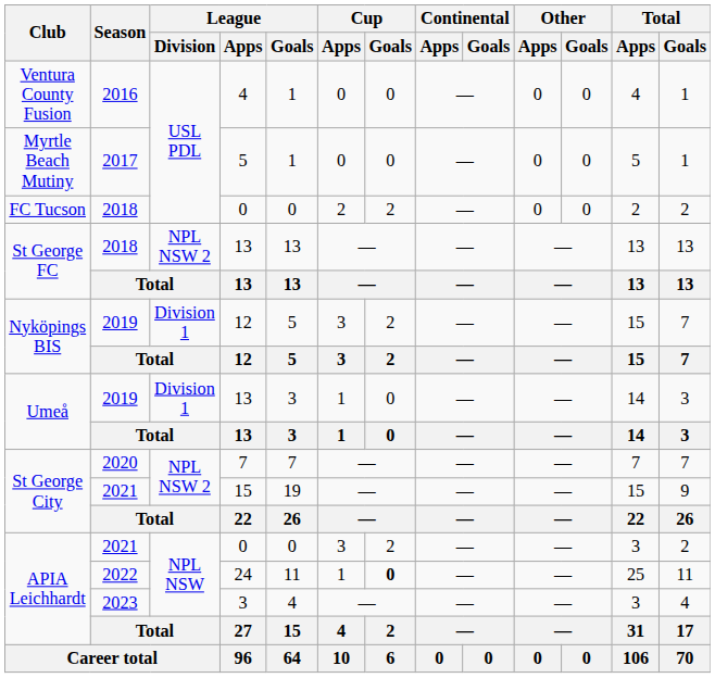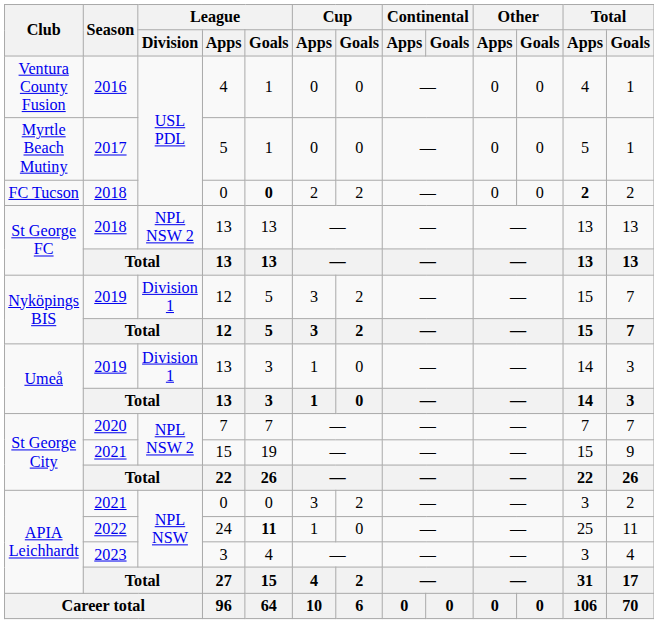 <table class=wikitable style=text-align:center>
 <tr>
 <th rowspan=2>Club</th>
 <th rowspan=2>Season</th>
 <th colspan=3>League</th>
 <th colspan=2>Cup</th>
 <th colspan=2>Continental</th>
 <th colspan=2>Other</th>
 <th colspan=2>Total</th>
 </tr>
 <tr>
 <th>Division</th>
 <th>Apps</th>
 <th>Goals</th>
 <th>Apps</th>
 <th>Goals</th>
 <th>Apps</th>
 <th>Goals</th>
 <th>Apps</th>
 <th>Goals</th>
 <th>Apps</th>
 <th>Goals</th>
 </tr>
 <tr>
 <td><a href='#'>Ventura County Fusion</a></td>
 <td><a href='#'>2016</a></td>
 <td rowspan=3><a href='#'>USL PDL</a></td>
 <td>4</td>
 <td>1</td>
 <td>0</td>
 <td>0</td>
 <td colspan=2>—</td>
 <td>0</td>
 <td>0</td>
 <td>4</td>
 <td>1</td>
 </tr>
 <tr>
 <td><a href='#'>Myrtle Beach Mutiny</a></td>
 <td><a href='#'>2017</a></td>
 <td>5</td>
 <td>1</td>
 <td>0</td>
 <td>0</td>
 <td colspan=2>—</td>
 <td>0</td>
 <td>0</td>
 <td>5</td>
 <td>1</td>
 </tr>
 <tr>
 <td><a href='#'>FC Tucson</a></td>
 <td><a href='#'>2018</a></td>
 <td>0</td>
-<td>0</td>
+<td><strong>0</strong></td>
 <td>2</td>
 <td>2</td>
 <td colspan=2>—</td>
 <td>0</td>
 <td>0</td>
-<td>2</td>
+<td><strong>2</strong></td>
 <td>2</td>
 </tr>
 <tr>
 <td rowspan=2><a href='#'>St George FC</a></td>
 <td><a href='#'>2018</a></td>
 <td><a href='#'>NPL NSW 2</a></td>
 <td>13</td>
 <td>13</td>
 <td colspan=2>—</td>
 <td colspan=2>—</td>
 <td colspan=2>—</td>
 <td>13</td>
 <td>13</td>
 </tr>
 <tr>
 <th colspan=2>Total</th>
 <th>13</th>
 <th>13</th>
 <th colspan=2>—</th>
 <th colspan=2>—</th>
 <th colspan=2>—</th>
 <th>13</th>
 <th>13</th>
 </tr>
 <tr>
 <td rowspan=2><a href='#'>Nyköpings BIS</a></td>
 <td><a href='#'>2019</a></td>
 <td><a href='#'>Division 1</a></td>
 <td>12</td>
 <td>5</td>
 <td>3</td>
 <td>2</td>
 <td colspan=2>—</td>
 <td colspan=2>—</td>
 <td>15</td>
 <td>7</td>
 </tr>
 <tr>
 <th colspan=2>Total</th>
 <th>12</th>
 <th>5</th>
 <th>3</th>
 <th>2</th>
 <th colspan=2>—</th>
 <th colspan=2>—</th>
 <th>15</th>
 <th>7</th>
 </tr>
 <tr>
 <td rowspan=2><a href='#'>Umeå</a></td>
 <td><a href='#'>2019</a></td>
 <td><a href='#'>Division 1</a></td>
 <td>13</td>
 <td>3</td>
 <td>1</td>
 <td>0</td>
 <td colspan=2>—</td>
 <td colspan=2>—</td>
 <td>14</td>
 <td>3</td>
 </tr>
 <tr>
 <th colspan=2>Total</th>
 <th>13</th>
 <th>3</th>
 <th>1</th>
 <th>0</th>
 <th colspan=2>—</th>
 <th colspan=2>—</th>
 <th>14</th>
 <th>3</th>
 </tr>
 <tr>
 <td rowspan=3><a href='#'>St George City</a></td>
 <td><a href='#'>2020</a></td>
 <td rowspan=2><a href='#'>NPL NSW 2</a></td>
 <td>7</td>
 <td>7</td>
 <td colspan=2>—</td>
 <td colspan=2>—</td>
 <td colspan=2>—</td>
 <td>7</td>
 <td>7</td>
 </tr>
 <tr>
 <td><a href='#'>2021</a></td>
 <td>15</td>
 <td>19</td>
 <td colspan=2>—</td>
 <td colspan=2>—</td>
 <td colspan=2>—</td>
 <td>15</td>
 <td>9</td>
 </tr>
 <tr>
 <th colspan=2>Total</th>
 <th>22</th>
 <th>26</th>
 <th colspan=2>—</th>
 <th colspan=2>—</th>
 <th colspan=2>—</th>
 <th>22</th>
 <th>26</th>
 </tr>
 <tr>
 <td rowspan=4><a href='#'>APIA Leichhardt</a></td>
 <td><a href='#'>2021</a></td>
 <td rowspan=3><a href='#'>NPL NSW</a></td>
 <td>0</td>
 <td>0</td>
 <td>3</td>
 <td>2</td>
 <td colspan=2>—</td>
 <td colspan=2>—</td>
 <td>3</td>
 <td>2</td>
 </tr>
 <tr>
 <td><a href='#'>2022</a></td>
 <td>24</td>
-<td>11</td>
+<td><strong>11</strong></td>
 <td>1</td>
-<td><strong>0</strong></td>
+<td>0</td>
 <td colspan=2>—</td>
 <td colspan=2>—</td>
 <td>25</td>
 <td>11</td>
 </tr>
 <tr>
 <td><a href='#'>2023</a></td>
 <td>3</td>
 <td>4</td>
 <td colspan=2>—</td>
 <td colspan=2>—</td>
 <td colspan=2>—</td>
 <td>3</td>
 <td>4</td>
 </tr>
 <tr>
 <th colspan=2>Total</th>
 <th>27</th>
 <th>15</th>
 <th>4</th>
 <th>2</th>
 <th colspan=2>—</th>
 <th colspan=2>—</th>
 <th>31</th>
 <th>17</th>
 </tr>
 <tr>
 <th colspan=3>Career total</th>
 <th>96</th>
 <th>64</th>
 <th>10</th>
 <th>6</th>
 <th>0</th>
 <th>0</th>
 <th>0</th>
 <th>0</th>
 <th>106</th>
 <th>70</th>
 </tr>
 </table>
